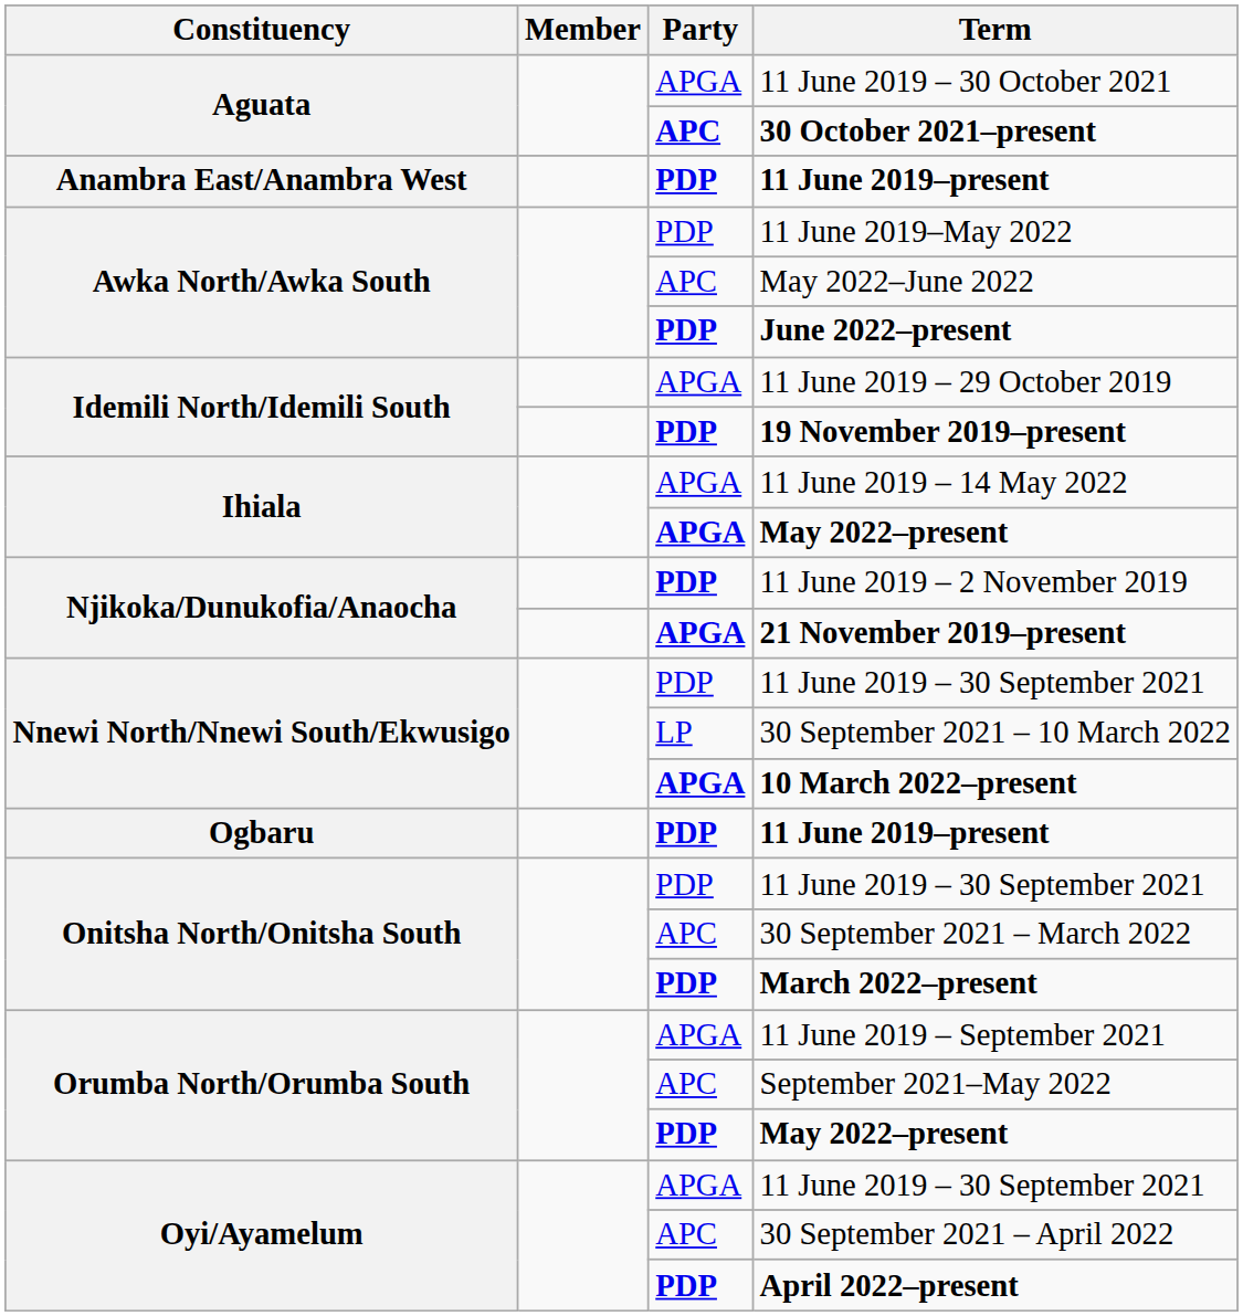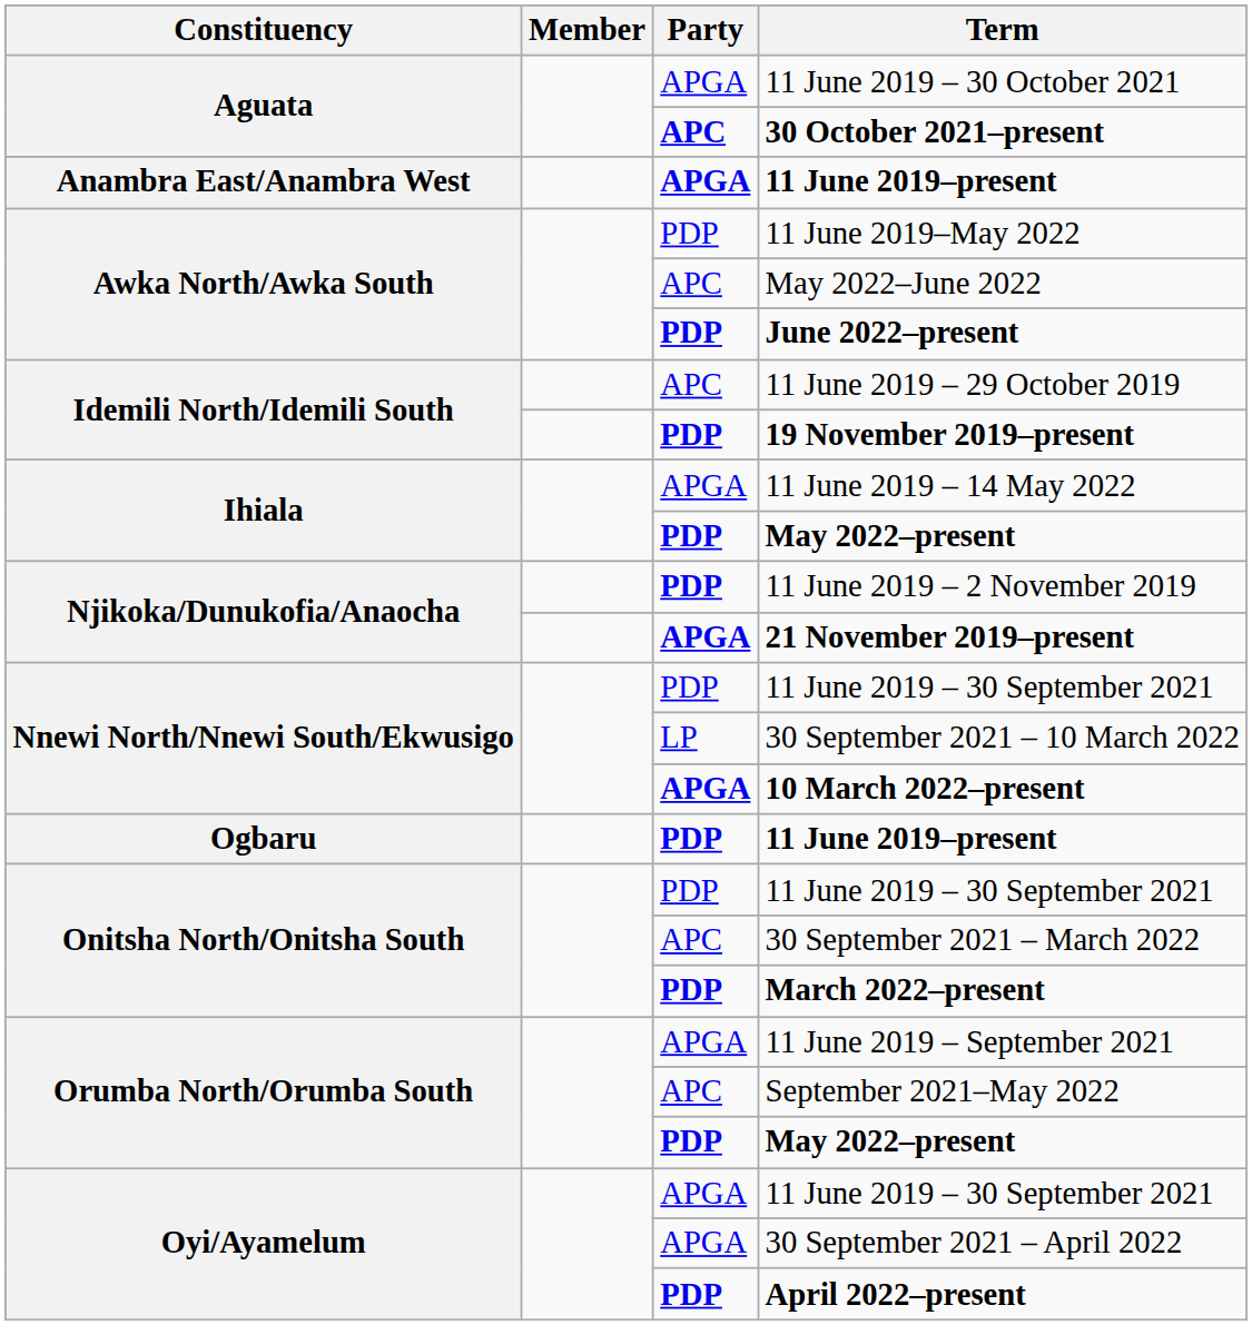 <table class="wikitable">
 <tr valign=bottom>
 <th>Constituency</th>
 <th>Member</th>
 <th>Party</th>
 <th>Term</th>
 </tr>
 <tr>
 <th rowspan=2>Aguata</th>
 <td rowspan=2><strong></strong></td>
 <td><a href='#'>APGA</a></td>
 <td>11 June 2019 – 30 October 2021</td>
 </tr>
 <tr>
 <td><strong><a href='#'>APC</a></strong></td>
 <td><strong>30 October 2021–present</strong></td>
 </tr>
 <tr>
 <th>Anambra East/Anambra West</th>
 <td><strong></strong></td>
-<td><strong><a href='#'>PDP</a></strong></td>
+<td><strong><a href='#'>APGA</a></strong></td>
 <td><strong>11 June 2019–present</strong></td>
 </tr>
 <tr>
 <th rowspan=3>Awka North/Awka South</th>
 <td rowspan=3><strong></strong></td>
 <td><a href='#'>PDP</a></td>
 <td>11 June 2019–May 2022</td>
 </tr>
 <tr>
 <td><a href='#'>APC</a></td>
 <td>May 2022–June 2022</td>
 </tr>
 <tr>
 <td><strong><a href='#'>PDP</a></strong></td>
 <td><strong>June 2022–present</strong></td>
 </tr>
 <tr>
 <th rowspan=2>Idemili North/Idemili South</th>
 <td style="opacity:.4;"></td>
-<td><a href='#'>APGA</a></td>
+<td><a href='#'>APC</a></td>
 <td>11 June 2019 – 29 October 2019</td>
 </tr>
 <tr>
 <td><strong></strong></td>
 <td><strong><a href='#'>PDP</a></strong></td>
 <td><strong>19 November 2019–present</strong></td>
 </tr>
 <tr>
 <th rowspan=2>Ihiala</th>
 <td rowspan=2><strong></strong></td>
 <td><a href='#'>APGA</a></td>
 <td>11 June 2019 – 14 May 2022</td>
 </tr>
 <tr>
-<td><strong><a href='#'>APGA</a></strong></td>
+<td><strong><a href='#'>PDP</a></strong></td>
 <td><strong>May 2022–present</strong></td>
 </tr>
 <tr>
 <th rowspan=2>Njikoka/Dunukofia/Anaocha</th>
 <td style="opacity:.4;"></td>
 <td><strong><a href='#'>PDP</a></strong></td>
 <td>11 June 2019 – 2 November 2019</td>
 </tr>
 <tr>
 <td><strong></strong></td>
 <td><strong><a href='#'>APGA</a></strong></td>
 <td><strong>21 November 2019–present</strong></td>
 </tr>
 <tr>
 <th rowspan=3>Nnewi North/Nnewi South/Ekwusigo</th>
 <td rowspan=3><strong></strong></td>
 <td><a href='#'>PDP</a></td>
 <td>11 June 2019 – 30 September 2021</td>
 </tr>
 <tr>
 <td><a href='#'>LP</a></td>
 <td>30 September 2021 – 10 March 2022</td>
 </tr>
 <tr>
 <td><strong><a href='#'>APGA</a></strong></td>
 <td><strong>10 March 2022–present</strong></td>
 </tr>
 <tr>
 <th>Ogbaru</th>
 <td><strong></strong></td>
 <td><strong><a href='#'>PDP</a></strong></td>
 <td><strong>11 June 2019–present</strong></td>
 </tr>
 <tr>
 <th rowspan=3>Onitsha North/Onitsha South</th>
 <td rowspan=3><strong></strong></td>
 <td><a href='#'>PDP</a></td>
 <td>11 June 2019 – 30 September 2021</td>
 </tr>
 <tr>
 <td><a href='#'>APC</a></td>
 <td>30 September 2021 – March 2022</td>
 </tr>
 <tr>
 <td><strong><a href='#'>PDP</a></strong></td>
 <td><strong>March 2022–present</strong></td>
 </tr>
 <tr>
 <th rowspan=3>Orumba North/Orumba South</th>
 <td rowspan=3><strong></strong></td>
 <td><a href='#'>APGA</a></td>
 <td>11 June 2019 – September 2021</td>
 </tr>
 <tr>
 <td><a href='#'>APC</a></td>
 <td>September 2021–May 2022</td>
 </tr>
 <tr>
 <td><strong><a href='#'>PDP</a></strong></td>
 <td><strong>May 2022–present</strong></td>
 </tr>
 <tr>
 <th rowspan=3>Oyi/Ayamelum</th>
 <td rowspan=3><strong></strong></td>
 <td><a href='#'>APGA</a></td>
 <td>11 June 2019 – 30 September 2021</td>
 </tr>
 <tr>
-<td><a href='#'>APC</a></td>
+<td><a href='#'>APGA</a></td>
 <td>30 September 2021 – April 2022</td>
 </tr>
 <tr>
 <td><strong><a href='#'>PDP</a></strong></td>
 <td><strong>April 2022–present</strong></td>
 </tr>
 </table>
